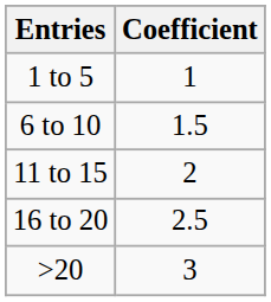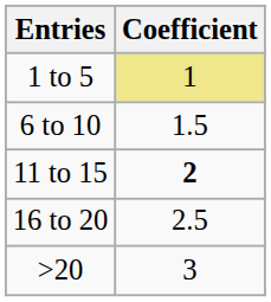 <table class="wikitable" style="font-size:85%; text-align:center">
 <tr>
 <th>Entries</th>
 <th>Coefficient</th>
 </tr>
 <tr>
 <td>1 to 5</td>
-<td>1</td>
+<td style="background: khaki;">1</td>
 </tr>
 <tr>
 <td>6 to 10</td>
 <td>1.5</td>
 </tr>
 <tr>
 <td>11 to 15</td>
-<td>2</td>
+<td><strong>2</strong></td>
 </tr>
 <tr>
 <td>16 to 20</td>
 <td>2.5</td>
 </tr>
 <tr>
 <td>>20</td>
 <td>3</td>
 </tr>
 </table>
